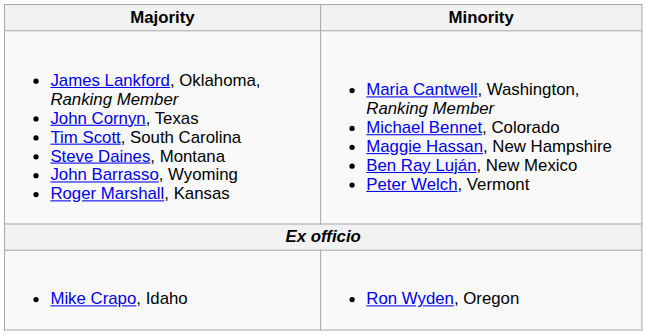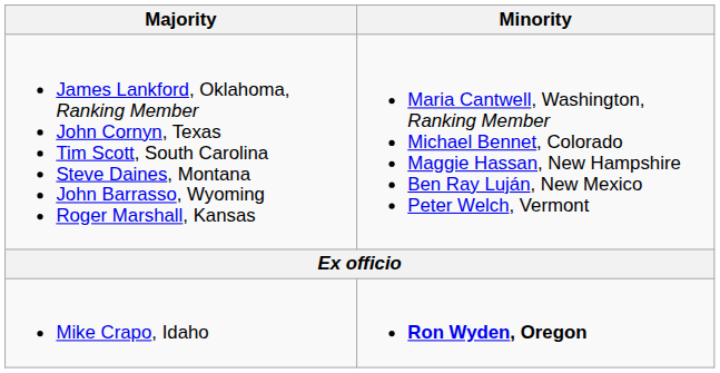 <table class=wikitable>
 <tr>
 <th>Majority</th>
 <th>Minority</th>
 </tr>
 <tr>
 <td><br><ul><li><a href='#'>James Lankford</a>, Oklahoma, <em>Ranking Member</em></li><li><a href='#'>John Cornyn</a>, Texas</li><li><a href='#'>Tim Scott</a>, South Carolina</li><li><a href='#'>Steve Daines</a>, Montana</li><li><a href='#'>John Barrasso</a>, Wyoming</li><li><a href='#'>Roger Marshall</a>, Kansas</li></ul></td>
 <td><br><ul><li><a href='#'>Maria Cantwell</a>, Washington, <em>Ranking Member</em></li><li><a href='#'>Michael Bennet</a>, Colorado</li><li><a href='#'>Maggie Hassan</a>, New Hampshire</li><li><a href='#'>Ben Ray Luján</a>, New Mexico</li><li><a href='#'>Peter Welch</a>, Vermont</li></ul></td>
 </tr>
 <tr>
 <th colspan=2><em>Ex officio</em></th>
 </tr>
 <tr>
 <td><br><ul><li><a href='#'>Mike Crapo</a>, Idaho</li></ul></td>
-<td><br><ul><li><a href='#'>Ron Wyden</a>, Oregon</li></ul></td>
+<td><strong><br><ul><li><a href='#'>Ron Wyden</a>, Oregon</li></ul></strong></td>
 </tr>
 </table>
